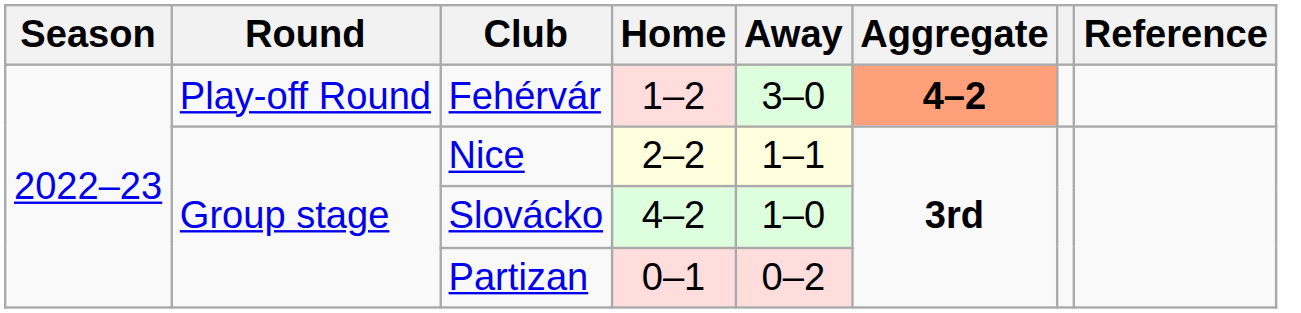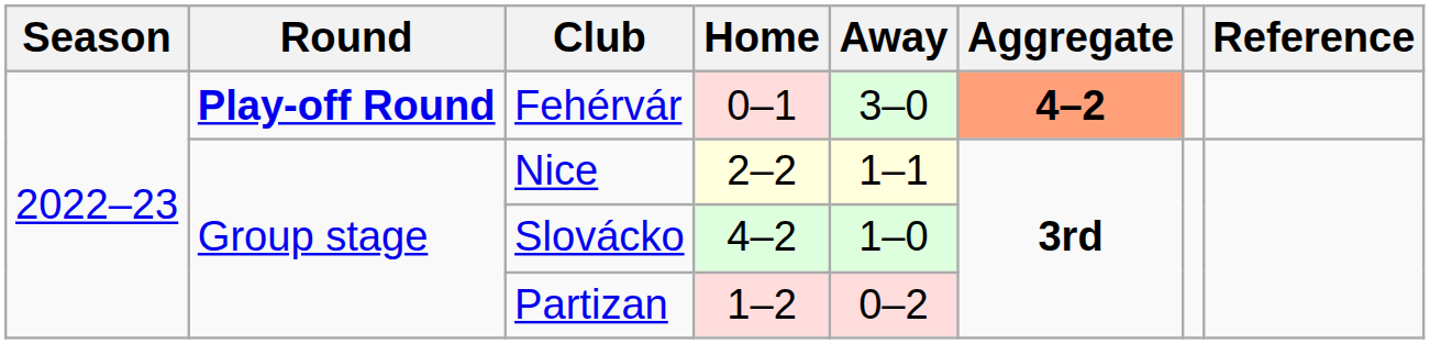 <table class="wikitable" style="text-align:left">
 <tr>
 <th>Season</th>
 <th>Round</th>
 <th>Club</th>
 <th>Home</th>
 <th>Away</th>
 <th>Aggregate</th>
 <th></th>
 <th>Reference</th>
 </tr>
 <tr>
 <td rowspan=4><a href='#'>2022–23</a></td>
-<td><a href='#'>Play-off Round</a></td>
+<td><strong><a href='#'>Play-off Round</a></strong></td>
 <td> <a href='#'>Fehérvár</a></td>
-<td style="text-align:center; background:#fdd;">1–2</td>
+<td style="text-align:center; background:#fdd;">0–1</td>
 <td style="text-align:center; background:#dfd;">3–0</td>
 <td style="background: lightsalmon; text-align:center;"><strong>4–2</strong></td>
 <td></td>
 <td style="text-align:center;"></td>
 </tr>
 <tr>
 <td rowspan=3><a href='#'>Group stage</a></td>
 <td> <a href='#'>Nice</a></td>
 <td style="text-align:center; background:#ffd;">2–2</td>
 <td style="text-align:center; background:#ffd;">1–1</td>
 <td style="text-align:center;" rowspan=3><strong>3rd</strong></td>
 <td style="text-align:center;" rowspan=3></td>
 <td style="text-align:center;" rowspan=3></td>
 </tr>
 <tr>
 <td> <a href='#'>Slovácko</a></td>
 <td style="text-align:center; background:#dfd;">4–2</td>
 <td style="text-align:center; background:#dfd;">1–0</td>
 </tr>
 <tr>
 <td> <a href='#'>Partizan</a></td>
-<td style="text-align:center; background:#fdd;">0–1</td>
+<td style="text-align:center; background:#fdd;">1–2</td>
 <td style="text-align:center; background:#fdd;">0–2</td>
 </tr>
 </table>
